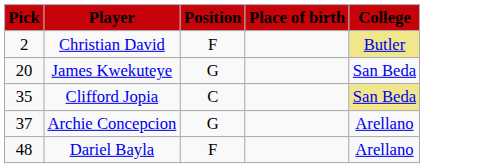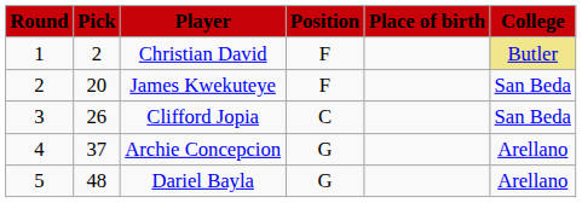 <table class="wikitable sortable sortable" style="text-align:center">
 <tr>
+<th style="background:#C70309; color:#000000; ">Round</th>
 <th style="background:#C70309; color:#000000; ">Pick</th>
 <th style="background:#C70309; color:#000000; ">Player</th>
 <th style="background:#C70309; color:#000000; ">Position</th>
 <th style="background:#C70309; color:#000000; ">Place of birth</th>
 <th style="background:#C70309; color:#000000; ">College</th>
 </tr>
 <tr>
+<td>1</td>
 <td>2</td>
 <td><a href='#'>Christian David</a></td>
 <td>F</td>
 <td></td>
 <td style="background: khaki;"><a href='#'>Butler</a></td>
 </tr>
 <tr>
+<td>2</td>
 <td>20</td>
 <td><a href='#'>James Kwekuteye</a></td>
-<td>G</td>
+<td>F</td>
 <td></td>
 <td><a href='#'>San Beda</a></td>
 </tr>
 <tr>
-<td>35</td>
+<td>3</td>
+<td>26</td>
 <td><a href='#'>Clifford Jopia</a></td>
 <td>C</td>
 <td></td>
-<td style="background: khaki;"><a href='#'>San Beda</a></td>
+<td><a href='#'>San Beda</a></td>
 </tr>
 <tr>
+<td>4</td>
 <td>37</td>
 <td><a href='#'>Archie Concepcion</a></td>
 <td>G</td>
 <td></td>
 <td><a href='#'>Arellano</a></td>
 </tr>
 <tr>
+<td>5</td>
 <td>48</td>
 <td><a href='#'>Dariel Bayla</a></td>
-<td>F</td>
+<td>G</td>
 <td></td>
 <td><a href='#'>Arellano</a></td>
 </tr>
 </table>
